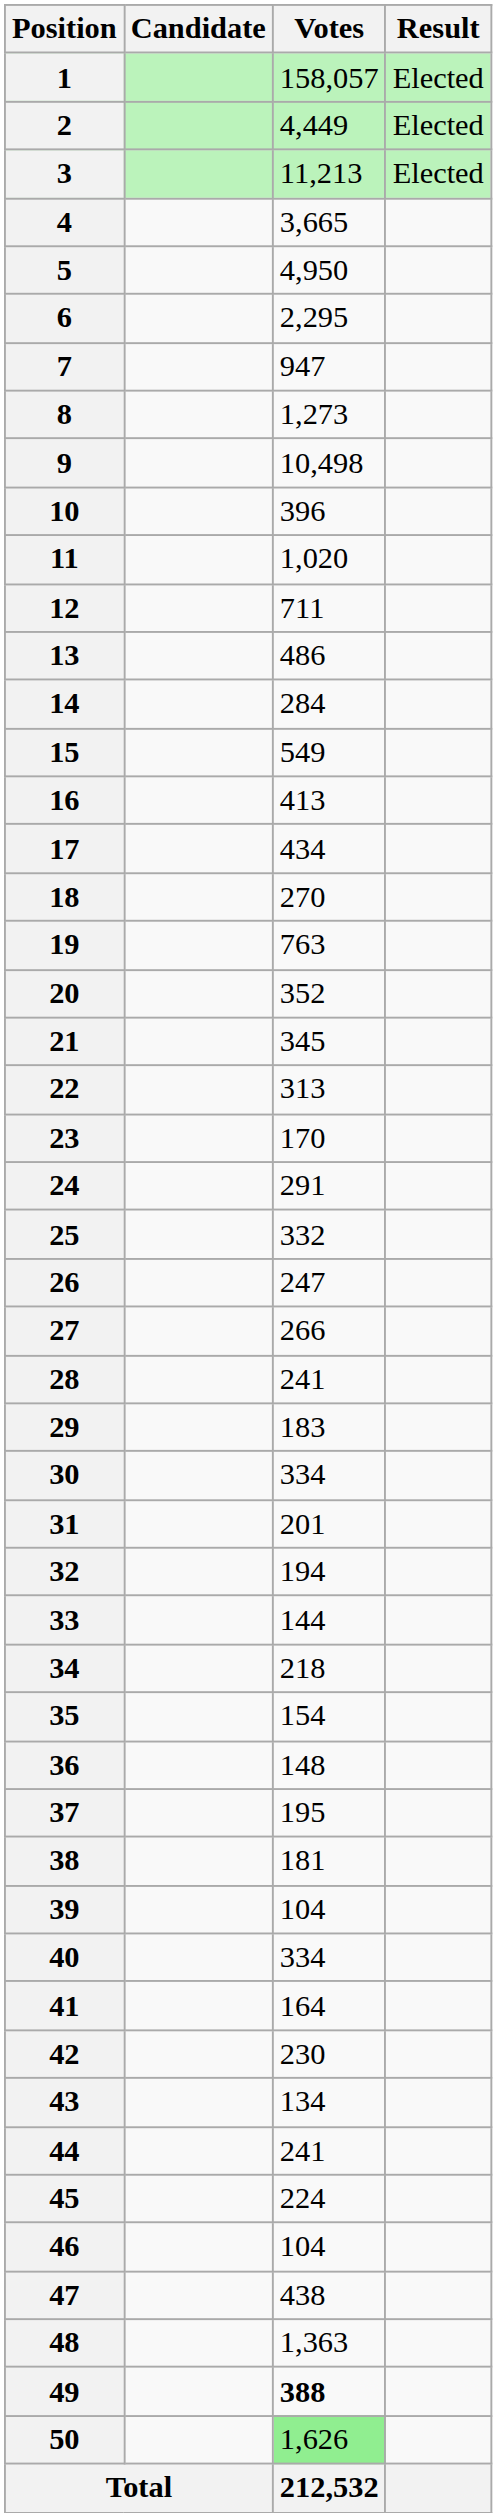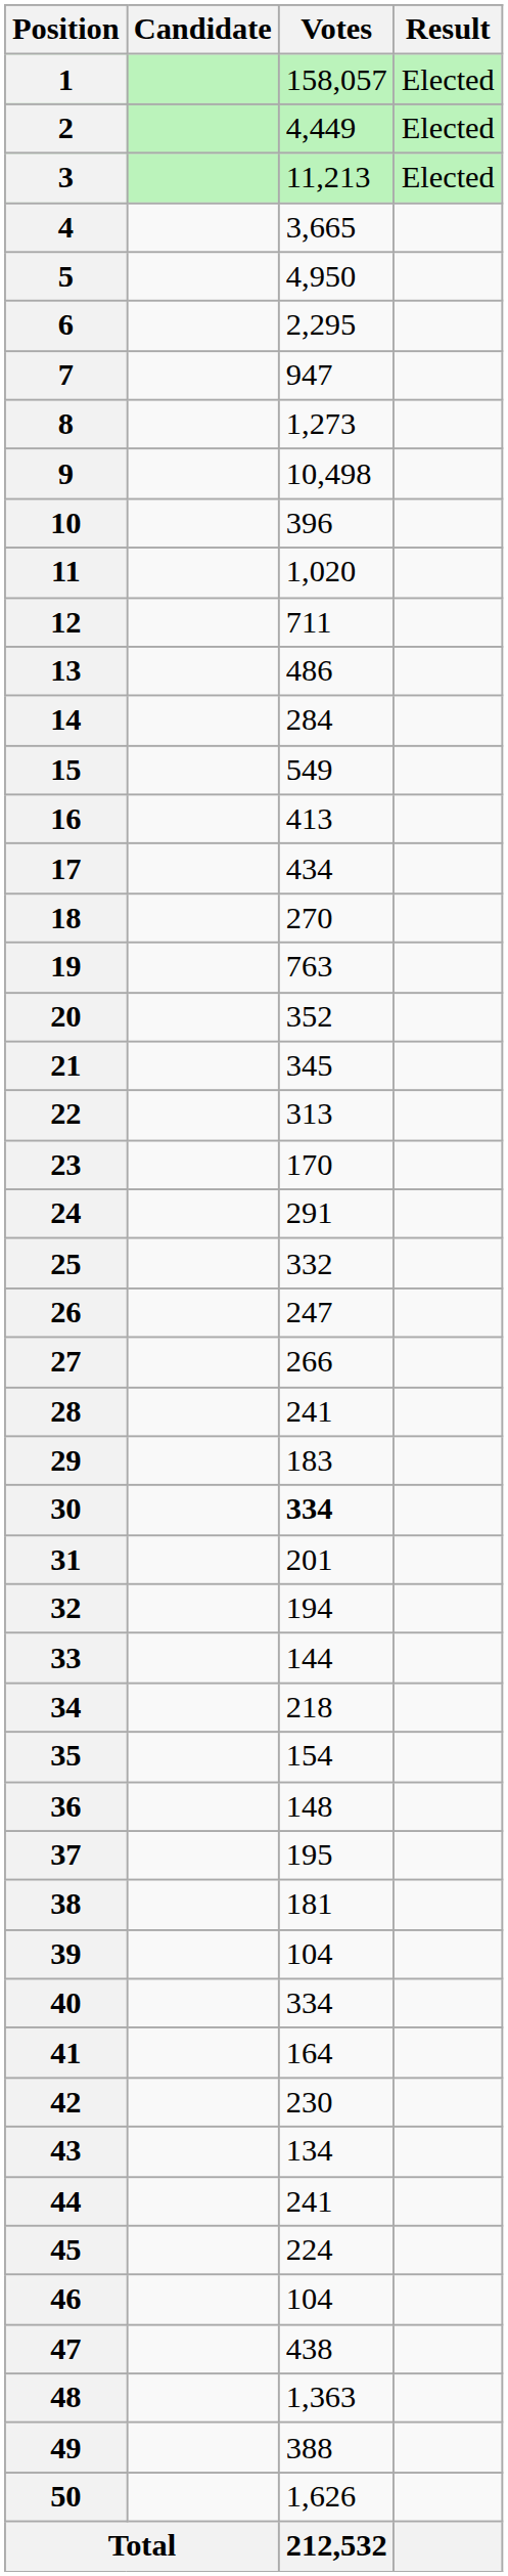 <table class="wikitable sortable col3right">
 <tr>
 <th scope="col">Position</th>
 <th scope="col">Candidate</th>
 <th scope="col">Votes</th>
 <th scope="col">Result</th>
 </tr>
 <tr bgcolor=bbf3bb>
 <th scope="row">1</th>
 <td></td>
 <td>158,057</td>
 <td>Elected</td>
 </tr>
 <tr bgcolor=bbf3bb>
 <th scope="row">2</th>
 <td></td>
 <td>4,449</td>
 <td>Elected</td>
 </tr>
 <tr bgcolor=bbf3bb>
 <th scope="row">3</th>
 <td></td>
 <td>11,213</td>
 <td>Elected</td>
 </tr>
 <tr>
 <th scope="row">4</th>
 <td></td>
 <td>3,665</td>
 <td></td>
 </tr>
 <tr>
 <th scope="row">5</th>
 <td></td>
 <td>4,950</td>
 <td></td>
 </tr>
 <tr>
 <th scope="row">6</th>
 <td></td>
 <td>2,295</td>
 <td></td>
 </tr>
 <tr>
 <th scope="row">7</th>
 <td></td>
 <td>947</td>
 <td></td>
 </tr>
 <tr>
 <th scope="row">8</th>
 <td></td>
 <td>1,273</td>
 <td></td>
 </tr>
 <tr>
 <th scope="row">9</th>
 <td></td>
 <td>10,498</td>
 <td></td>
 </tr>
 <tr>
 <th scope="row">10</th>
 <td></td>
 <td>396</td>
 <td></td>
 </tr>
 <tr>
 <th scope="row">11</th>
 <td></td>
 <td>1,020</td>
 <td></td>
 </tr>
 <tr>
 <th scope="row">12</th>
 <td></td>
 <td>711</td>
 <td></td>
 </tr>
 <tr>
 <th scope="row">13</th>
 <td></td>
 <td>486</td>
 <td></td>
 </tr>
 <tr>
 <th scope="row">14</th>
 <td></td>
 <td>284</td>
 <td></td>
 </tr>
 <tr>
 <th scope="row">15</th>
 <td></td>
 <td>549</td>
 <td></td>
 </tr>
 <tr>
 <th scope="row">16</th>
 <td></td>
 <td>413</td>
 <td></td>
 </tr>
 <tr>
 <th scope="row">17</th>
 <td></td>
 <td>434</td>
 <td></td>
 </tr>
 <tr>
 <th scope="row">18</th>
 <td></td>
 <td>270</td>
 <td></td>
 </tr>
 <tr>
 <th scope="row">19</th>
 <td></td>
 <td>763</td>
 <td></td>
 </tr>
 <tr>
 <th scope="row">20</th>
 <td></td>
 <td>352</td>
 <td></td>
 </tr>
 <tr>
 <th scope="row">21</th>
 <td></td>
 <td>345</td>
 <td></td>
 </tr>
 <tr>
 <th scope="row">22</th>
 <td></td>
 <td>313</td>
 <td></td>
 </tr>
 <tr>
 <th scope="row">23</th>
 <td></td>
 <td>170</td>
 <td></td>
 </tr>
 <tr>
 <th scope="row">24</th>
 <td></td>
 <td>291</td>
 <td></td>
 </tr>
 <tr>
 <th scope="row">25</th>
 <td></td>
 <td>332</td>
 <td></td>
 </tr>
 <tr>
 <th scope="row">26</th>
 <td></td>
 <td>247</td>
 <td></td>
 </tr>
 <tr>
 <th scope="row">27</th>
 <td></td>
 <td>266</td>
 <td></td>
 </tr>
 <tr>
 <th scope="row">28</th>
 <td></td>
 <td>241</td>
 <td></td>
 </tr>
 <tr>
 <th scope="row">29</th>
 <td></td>
 <td>183</td>
 <td></td>
 </tr>
 <tr>
 <th scope="row">30</th>
 <td></td>
-<td>334</td>
+<td><strong>334</strong></td>
 <td></td>
 </tr>
 <tr>
 <th scope="row">31</th>
 <td></td>
 <td>201</td>
 <td></td>
 </tr>
 <tr>
 <th scope="row">32</th>
 <td></td>
 <td>194</td>
 <td></td>
 </tr>
 <tr>
 <th scope="row">33</th>
 <td></td>
 <td>144</td>
 <td></td>
 </tr>
 <tr>
 <th scope="row">34</th>
 <td></td>
 <td>218</td>
 <td></td>
 </tr>
 <tr>
 <th scope="row">35</th>
 <td></td>
 <td>154</td>
 <td></td>
 </tr>
 <tr>
 <th scope="row">36</th>
 <td></td>
 <td>148</td>
 <td></td>
 </tr>
 <tr>
 <th scope="row">37</th>
 <td></td>
 <td>195</td>
 <td></td>
 </tr>
 <tr>
 <th scope="row">38</th>
 <td></td>
 <td>181</td>
 <td></td>
 </tr>
 <tr>
 <th scope="row">39</th>
 <td></td>
 <td>104</td>
 <td></td>
 </tr>
 <tr>
 <th scope="row">40</th>
 <td></td>
 <td>334</td>
 <td></td>
 </tr>
 <tr>
 <th scope="row">41</th>
 <td></td>
 <td>164</td>
 <td></td>
 </tr>
 <tr>
 <th scope="row">42</th>
 <td></td>
 <td>230</td>
 <td></td>
 </tr>
 <tr>
 <th scope="row">43</th>
 <td></td>
 <td>134</td>
 <td></td>
 </tr>
 <tr>
 <th scope="row">44</th>
 <td></td>
 <td>241</td>
 <td></td>
 </tr>
 <tr>
 <th scope="row">45</th>
 <td></td>
 <td>224</td>
 <td></td>
 </tr>
 <tr>
 <th scope="row">46</th>
 <td></td>
 <td>104</td>
 <td></td>
 </tr>
 <tr>
 <th scope="row">47</th>
 <td></td>
 <td>438</td>
 <td></td>
 </tr>
 <tr>
 <th scope="row">48</th>
 <td></td>
 <td>1,363</td>
 <td></td>
 </tr>
 <tr>
 <th scope="row">49</th>
 <td></td>
-<td><strong>388</strong></td>
+<td>388</td>
 <td></td>
 </tr>
 <tr>
 <th scope="row">50</th>
 <td></td>
-<td style="background: lightgreen;">1,626</td>
+<td>1,626</td>
 <td></td>
 </tr>
 <tr class=sortbottom>
 <th scope="row" colspan="2">Total</th>
 <th style="text-align:right">212,532</th>
 <th></th>
 </tr>
 </table>
